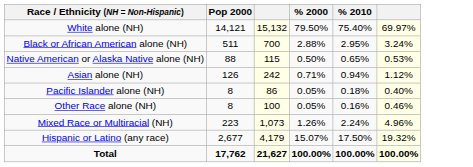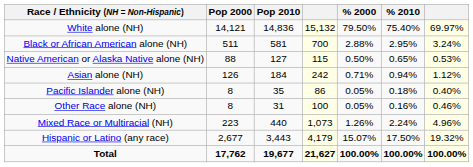 <table class="wikitable" style="text-align:center;">
 <tr>
 <th>Race / Ethnicity <small>(<em>NH = Non-Hispanic</em>)</small></th>
 <th>Pop 2000</th>
+<th>Pop 2010</th>
 <th></th>
 <th>% 2000</th>
 <th>% 2010</th>
 <th></th>
 </tr>
 <tr>
 <td><a href='#'>White</a> alone (NH)</td>
 <td>14,121</td>
+<td>14,836</td>
 <td style='background: #ffffe6;'>15,132</td>
 <td>79.50%</td>
 <td>75.40%</td>
 <td style='background: #ffffe6;'>69.97%</td>
 </tr>
 <tr>
 <td><a href='#'>Black or African American</a> alone (NH)</td>
 <td>511</td>
+<td>581</td>
 <td style='background: #ffffe6;'>700</td>
 <td>2.88%</td>
 <td>2.95%</td>
 <td style='background: #ffffe6;'>3.24%</td>
 </tr>
 <tr>
 <td><a href='#'>Native American</a> or <a href='#'>Alaska Native</a> alone (NH)</td>
 <td>88</td>
+<td>127</td>
 <td style='background: #ffffe6;'>115</td>
 <td>0.50%</td>
 <td>0.65%</td>
 <td style='background: #ffffe6;'>0.53%</td>
 </tr>
 <tr>
 <td><a href='#'>Asian</a> alone (NH)</td>
 <td>126</td>
+<td>184</td>
 <td style='background: #ffffe6;'>242</td>
 <td>0.71%</td>
 <td>0.94%</td>
 <td style='background: #ffffe6;'>1.12%</td>
 </tr>
 <tr>
 <td><a href='#'>Pacific Islander</a> alone (NH)</td>
 <td>8</td>
+<td>35</td>
 <td style='background: #ffffe6;'>86</td>
 <td>0.05%</td>
 <td>0.18%</td>
 <td style='background: #ffffe6;'>0.40%</td>
 </tr>
 <tr>
 <td><a href='#'>Other Race</a> alone (NH)</td>
 <td>8</td>
+<td>31</td>
 <td style='background: #ffffe6;'>100</td>
 <td>0.05%</td>
 <td>0.16%</td>
 <td style='background: #ffffe6;'>0.46%</td>
 </tr>
 <tr>
 <td><a href='#'>Mixed Race or Multiracial</a> (NH)</td>
 <td>223</td>
+<td>440</td>
 <td style='background: #ffffe6;'>1,073</td>
 <td>1.26%</td>
 <td>2.24%</td>
 <td style='background: #ffffe6;'>4.96%</td>
 </tr>
 <tr>
 <td><a href='#'>Hispanic or Latino</a> (any race)</td>
 <td>2,677</td>
+<td>3,443</td>
 <td style='background: #ffffe6;'>4,179</td>
 <td>15.07%</td>
 <td>17.50%</td>
 <td style='background: #ffffe6;'>19.32%</td>
 </tr>
 <tr>
 <td><strong>Total</strong></td>
 <td><strong>17,762</strong></td>
+<td><strong>19,677</strong></td>
 <td style='background: #ffffe6;'><strong>21,627</strong></td>
 <td><strong>100.00%</strong></td>
 <td><strong>100.00%</strong></td>
 <td style='background: #ffffe6;'><strong>100.00%</strong></td>
 </tr>
 </table>
